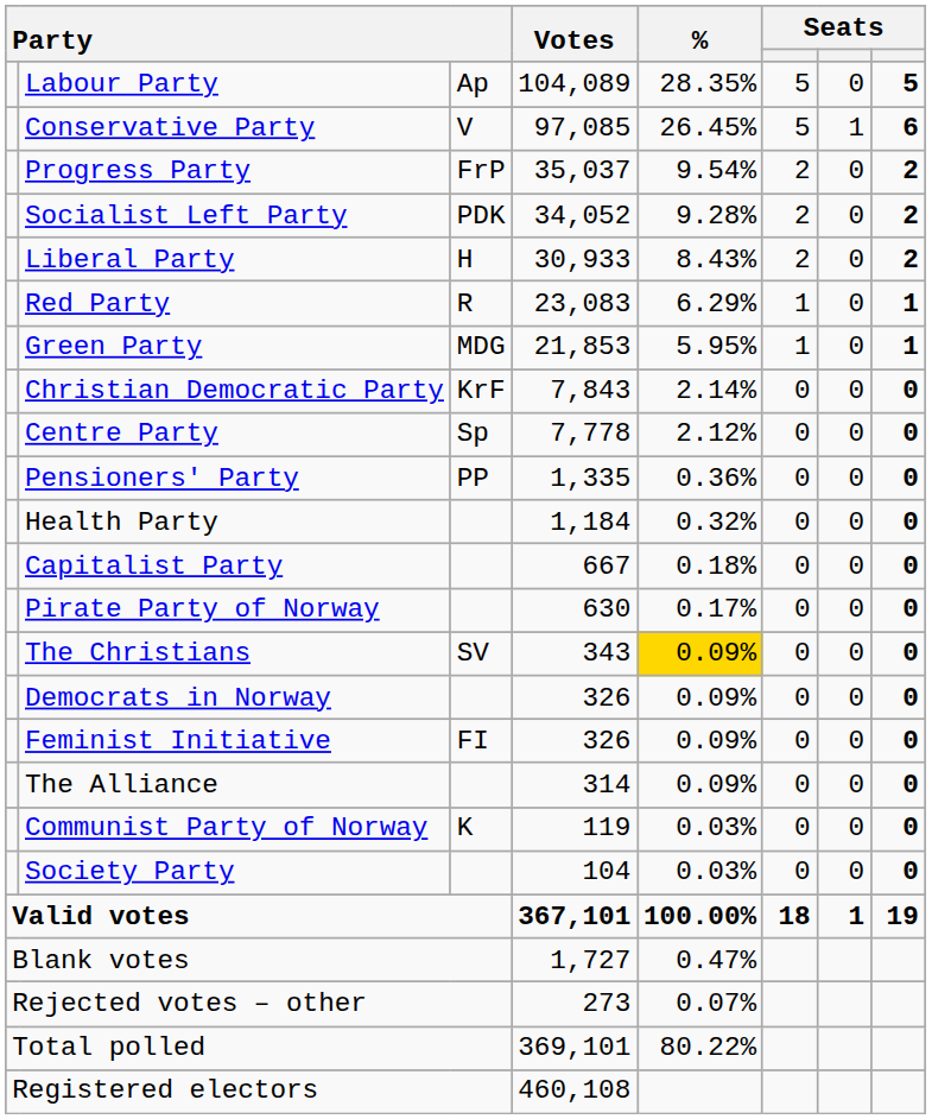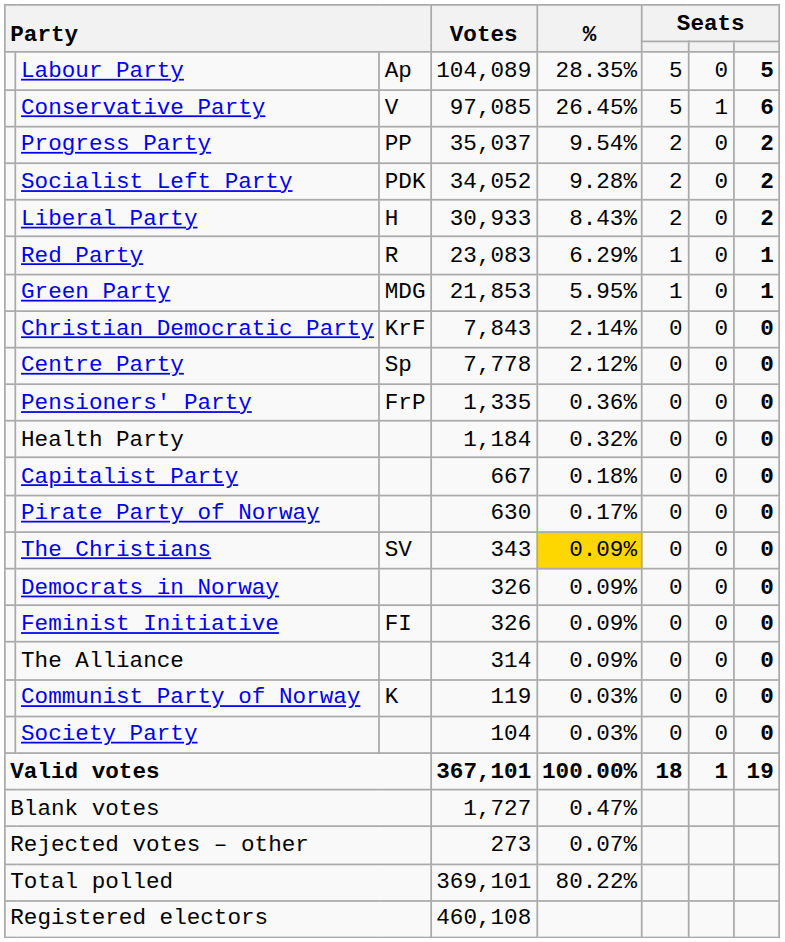 <table class="wikitable" border="1" style="text-align:right;">
 <tr>
 <th style="text-align:left;" valign=bottom rowspan=2 colspan=3>Party</th>
 <th align=center valign=bottom rowspan=2 width="50">Votes</th>
 <th align=center valign=bottom rowspan=2 width="50">%</th>
 <th colspan=3>Seats</th>
 </tr>
 <tr>
 <th align=center valign=bottom width="20"><small></small></th>
 <th align=center valign=bottom width="20"><small><a href='#'></a></small></th>
 <th align=center valign=bottom width="20"><small></small></th>
 </tr>
 <tr>
 <td style="color:inherit;background:"></td>
 <td align=left><a href='#'>Labour Party</a></td>
 <td align=left>Ap</td>
 <td>104,089</td>
 <td>28.35%</td>
 <td>5</td>
 <td>0</td>
 <td><strong>5</strong></td>
 </tr>
 <tr>
 <td style="color:inherit;background:"></td>
 <td align=left><a href='#'>Conservative Party</a></td>
 <td align=left>V</td>
 <td>97,085</td>
 <td>26.45%</td>
 <td>5</td>
 <td>1</td>
 <td><strong>6</strong></td>
 </tr>
 <tr>
 <td style="color:inherit;background:"></td>
 <td align=left><a href='#'>Progress Party</a></td>
-<td align=left>FrP</td>
+<td align=left>PP</td>
 <td>35,037</td>
 <td>9.54%</td>
 <td>2</td>
 <td>0</td>
 <td><strong>2</strong></td>
 </tr>
 <tr>
 <td style="color:inherit;background:"></td>
 <td align=left><a href='#'>Socialist Left Party</a></td>
 <td align=left>PDK</td>
 <td>34,052</td>
 <td>9.28%</td>
 <td>2</td>
 <td>0</td>
 <td><strong>2</strong></td>
 </tr>
 <tr>
 <td style="color:inherit;background:"></td>
 <td align=left><a href='#'>Liberal Party</a></td>
 <td align=left>H</td>
 <td>30,933</td>
 <td>8.43%</td>
 <td>2</td>
 <td>0</td>
 <td><strong>2</strong></td>
 </tr>
 <tr>
 <td style="color:inherit;background:"></td>
 <td align=left><a href='#'>Red Party</a></td>
 <td align=left>R</td>
 <td>23,083</td>
 <td>6.29%</td>
 <td>1</td>
 <td>0</td>
 <td><strong>1</strong></td>
 </tr>
 <tr>
 <td style="color:inherit;background:"></td>
 <td align=left><a href='#'>Green Party</a></td>
 <td align=left>MDG</td>
 <td>21,853</td>
 <td>5.95%</td>
 <td>1</td>
 <td>0</td>
 <td><strong>1</strong></td>
 </tr>
 <tr>
 <td style="color:inherit;background:"></td>
 <td align=left><a href='#'>Christian Democratic Party</a></td>
 <td align=left>KrF</td>
 <td>7,843</td>
 <td>2.14%</td>
 <td>0</td>
 <td>0</td>
 <td><strong>0</strong></td>
 </tr>
 <tr>
 <td style="color:inherit;background:"></td>
 <td align=left><a href='#'>Centre Party</a></td>
 <td align=left>Sp</td>
 <td>7,778</td>
 <td>2.12%</td>
 <td>0</td>
 <td>0</td>
 <td><strong>0</strong></td>
 </tr>
 <tr>
 <td style="color:inherit;background:"></td>
 <td align=left><a href='#'>Pensioners' Party</a></td>
-<td align=left>PP</td>
+<td align=left>FrP</td>
 <td>1,335</td>
 <td>0.36%</td>
 <td>0</td>
 <td>0</td>
 <td><strong>0</strong></td>
 </tr>
 <tr>
 <td></td>
 <td align=left>Health Party</td>
 <td align=left></td>
 <td>1,184</td>
 <td>0.32%</td>
 <td>0</td>
 <td>0</td>
 <td><strong>0</strong></td>
 </tr>
 <tr>
 <td style="color:inherit;background:"></td>
 <td align=left><a href='#'>Capitalist Party</a></td>
 <td align=left></td>
 <td>667</td>
 <td>0.18%</td>
 <td>0</td>
 <td>0</td>
 <td><strong>0</strong></td>
 </tr>
 <tr>
 <td style="color:inherit;background:"></td>
 <td align=left><a href='#'>Pirate Party of Norway</a></td>
 <td align=left></td>
 <td>630</td>
 <td>0.17%</td>
 <td>0</td>
 <td>0</td>
 <td><strong>0</strong></td>
 </tr>
 <tr>
 <td style="color:inherit;background:"></td>
 <td align=left><a href='#'>The Christians</a></td>
 <td align=left>SV</td>
 <td>343</td>
 <td style="background: gold;">0.09%</td>
 <td>0</td>
 <td>0</td>
 <td><strong>0</strong></td>
 </tr>
 <tr>
 <td style="color:inherit;background:"></td>
 <td align=left><a href='#'>Democrats in Norway</a></td>
 <td align=left></td>
 <td>326</td>
 <td>0.09%</td>
 <td>0</td>
 <td>0</td>
 <td><strong>0</strong></td>
 </tr>
 <tr>
 <td style="color:inherit;background:"></td>
 <td align=left><a href='#'>Feminist Initiative</a></td>
 <td align=left>FI</td>
 <td>326</td>
 <td>0.09%</td>
 <td>0</td>
 <td>0</td>
 <td><strong>0</strong></td>
 </tr>
 <tr>
 <td></td>
 <td align=left>The Alliance</td>
 <td align=left></td>
 <td>314</td>
 <td>0.09%</td>
 <td>0</td>
 <td>0</td>
 <td><strong>0</strong></td>
 </tr>
 <tr>
 <td style="color:inherit;background:"></td>
 <td align=left><a href='#'>Communist Party of Norway</a></td>
 <td align=left>K</td>
 <td>119</td>
 <td>0.03%</td>
 <td>0</td>
 <td>0</td>
 <td><strong>0</strong></td>
 </tr>
 <tr>
 <td style="color:inherit;background:"></td>
 <td align=left><a href='#'>Society Party</a></td>
 <td align=left></td>
 <td>104</td>
 <td>0.03%</td>
 <td>0</td>
 <td>0</td>
 <td><strong>0</strong></td>
 </tr>
 <tr style="font-weight:bold">
 <td align=left colspan=3>Valid votes</td>
 <td>367,101</td>
 <td>100.00%</td>
 <td>18</td>
 <td>1</td>
 <td>19</td>
 </tr>
 <tr>
 <td align=left colspan=3>Blank votes</td>
 <td>1,727</td>
 <td>0.47%</td>
 <td></td>
 <td></td>
 <td></td>
 </tr>
 <tr>
 <td align=left colspan=3>Rejected votes – other</td>
 <td>273</td>
 <td>0.07%</td>
 <td></td>
 <td></td>
 <td></td>
 </tr>
 <tr>
 <td align=left colspan=3>Total polled</td>
 <td>369,101</td>
 <td>80.22%</td>
 <td></td>
 <td></td>
 <td></td>
 </tr>
 <tr>
 <td align=left colspan=3>Registered electors</td>
 <td>460,108</td>
 <td></td>
 <td></td>
 <td></td>
 <td></td>
 </tr>
 </table>
